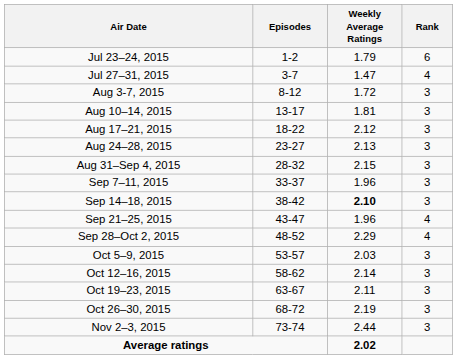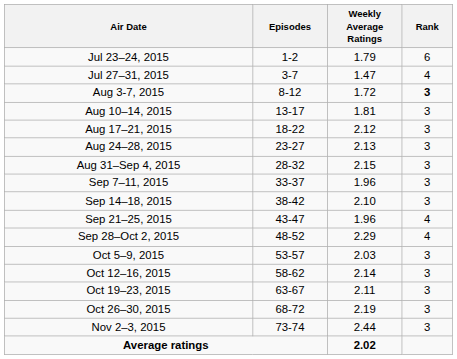 <table class="wikitable" style="text-align:center;width:50%;">
 <tr>
 <th width="25%"><small>Air Date</small></th>
 <th width="5%"><small>Episodes</small></th>
 <th width="6%"><small>Weekly Average Ratings</small></th>
 <th width="4%"><small>Rank</small></th>
 </tr>
 <tr>
 <td>Jul 23–24, 2015</td>
 <td>1-2</td>
 <td>1.79</td>
 <td>6</td>
 </tr>
 <tr>
 <td>Jul 27–31, 2015</td>
 <td>3-7</td>
 <td>1.47</td>
 <td>4</td>
 </tr>
 <tr>
 <td>Aug 3-7, 2015</td>
 <td>8-12</td>
 <td>1.72</td>
-<td>3</td>
+<td><strong>3</strong></td>
 </tr>
 <tr>
 <td>Aug 10–14, 2015</td>
 <td>13-17</td>
 <td>1.81</td>
 <td>3</td>
 </tr>
 <tr>
 <td>Aug 17–21, 2015</td>
 <td>18-22</td>
 <td>2.12</td>
 <td>3</td>
 </tr>
 <tr>
 <td>Aug 24–28, 2015</td>
 <td>23-27</td>
 <td>2.13</td>
 <td>3</td>
 </tr>
 <tr>
 <td>Aug 31–Sep 4, 2015</td>
 <td>28-32</td>
 <td>2.15</td>
 <td>3</td>
 </tr>
 <tr>
 <td>Sep 7–11, 2015</td>
 <td>33-37</td>
 <td>1.96</td>
 <td>3</td>
 </tr>
 <tr>
 <td>Sep 14–18, 2015</td>
 <td>38-42</td>
-<td><strong>2.10</strong></td>
+<td>2.10</td>
 <td>3</td>
 </tr>
 <tr>
 <td>Sep 21–25, 2015</td>
 <td>43-47</td>
 <td>1.96</td>
 <td>4</td>
 </tr>
 <tr>
 <td>Sep 28–Oct 2, 2015</td>
 <td>48-52</td>
 <td>2.29</td>
 <td>4</td>
 </tr>
 <tr>
 <td>Oct 5–9, 2015</td>
 <td>53-57</td>
 <td>2.03</td>
 <td>3</td>
 </tr>
 <tr>
 <td>Oct 12–16, 2015</td>
 <td>58-62</td>
 <td>2.14</td>
 <td>3</td>
 </tr>
 <tr>
 <td>Oct 19–23, 2015</td>
 <td>63-67</td>
 <td>2.11</td>
 <td>3</td>
 </tr>
 <tr>
 <td>Oct 26–30, 2015</td>
 <td>68-72</td>
 <td>2.19</td>
 <td>3</td>
 </tr>
 <tr>
 <td>Nov 2–3, 2015</td>
 <td>73-74</td>
 <td>2.44</td>
 <td>3</td>
 </tr>
 <tr>
 <td colspan=2><strong>Average ratings</strong></td>
 <td><strong>2.02</strong></td>
 <td></td>
 </tr>
 </table>
